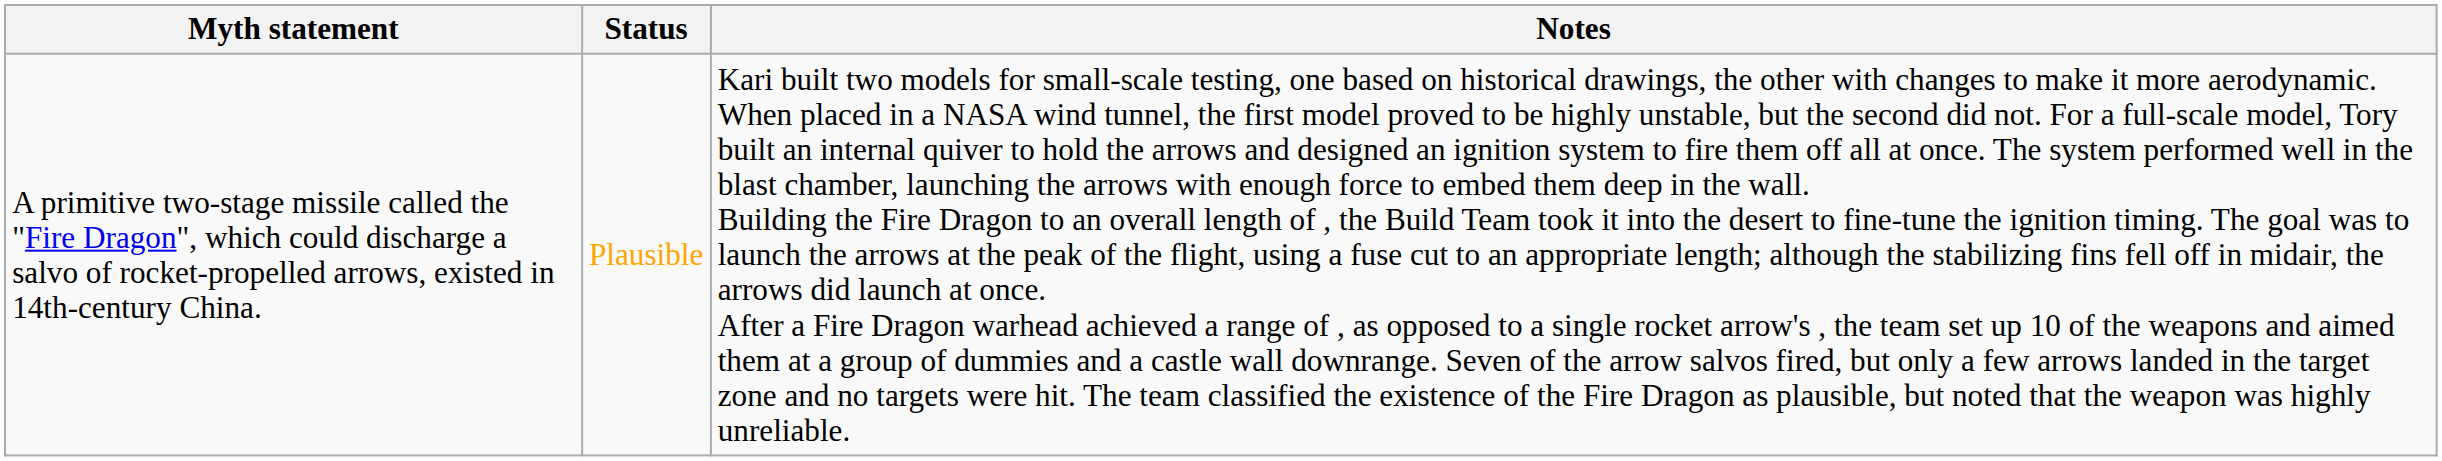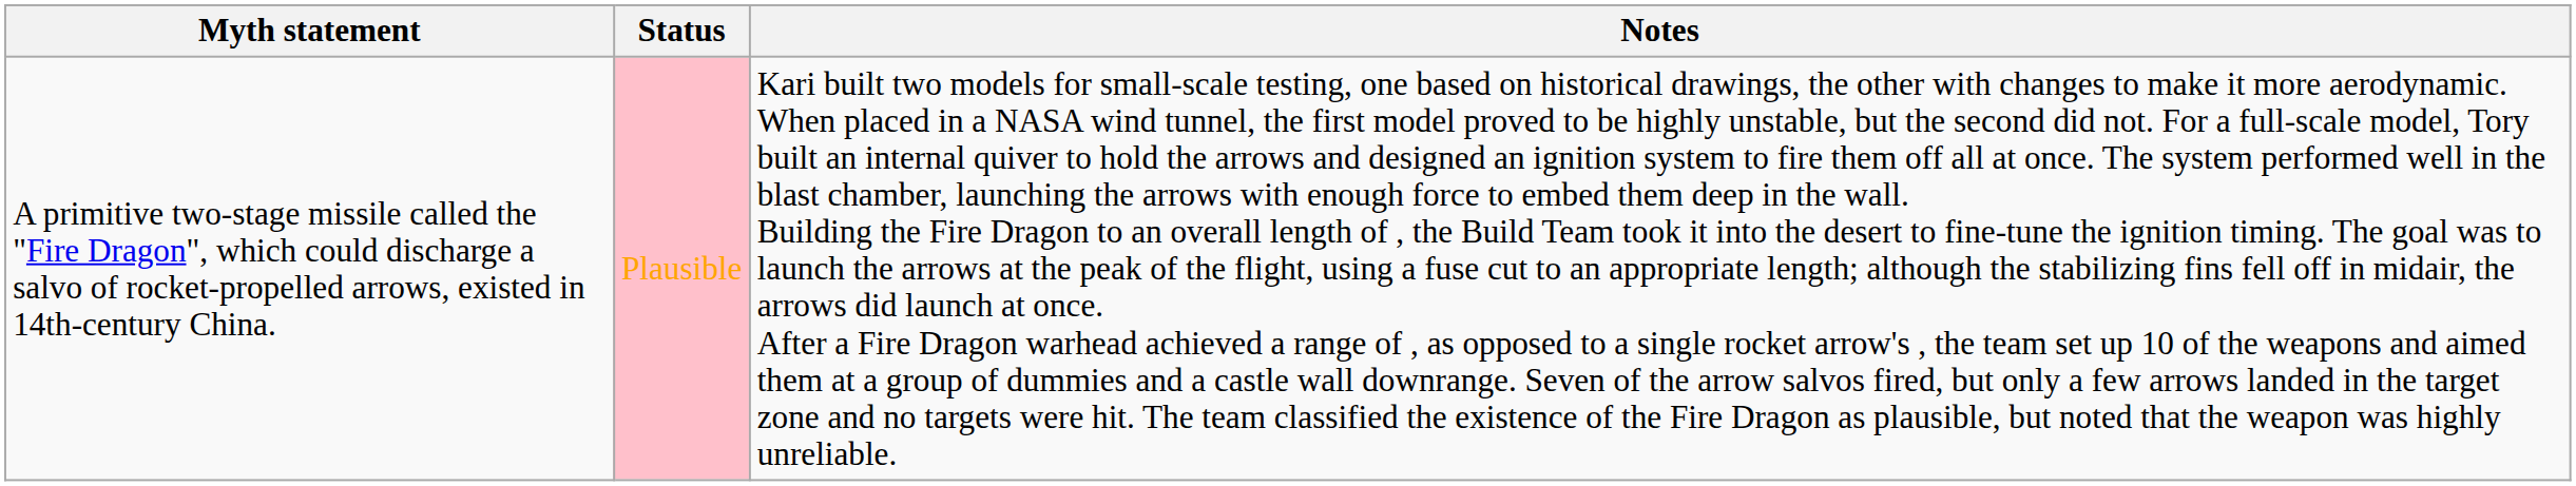 <table class="wikitable plainrowheaders">
 <tr>
 <th>Myth statement</th>
 <th>Status</th>
 <th>Notes</th>
 </tr>
 <tr>
 <td>A primitive two-stage missile called the "<a href='#'>Fire Dragon</a>", which could discharge a salvo of rocket-propelled arrows, existed in 14th-century China.</td>
-<td style="color:orange">Plausible</td>
+<td style="background: pink; color:orange">Plausible</td>
 <td>Kari built two models for small-scale testing, one based on historical drawings, the other with changes to make it more aerodynamic. When placed in a NASA wind tunnel, the first model proved to be highly unstable, but the second did not. For a full-scale model, Tory built an internal quiver to hold the arrows and designed an ignition system to fire them off all at once. The system performed well in the blast chamber, launching the arrows with enough force to embed them deep in the wall.<br>Building the Fire Dragon to an overall length of , the Build Team took it into the desert to fine-tune the ignition timing. The goal was to launch the arrows at the peak of the flight, using a fuse cut to an appropriate length; although the stabilizing fins fell off in midair, the arrows did launch at once.<br>After a Fire Dragon warhead achieved a range of , as opposed to a single rocket arrow's , the team set up 10 of the weapons and aimed them at a group of dummies and a castle wall  downrange. Seven of the arrow salvos fired, but only a few arrows landed in the target zone and no targets were hit. The team classified the existence of the Fire Dragon as plausible, but noted that the weapon was highly unreliable.</td>
 </tr>
 </table>
